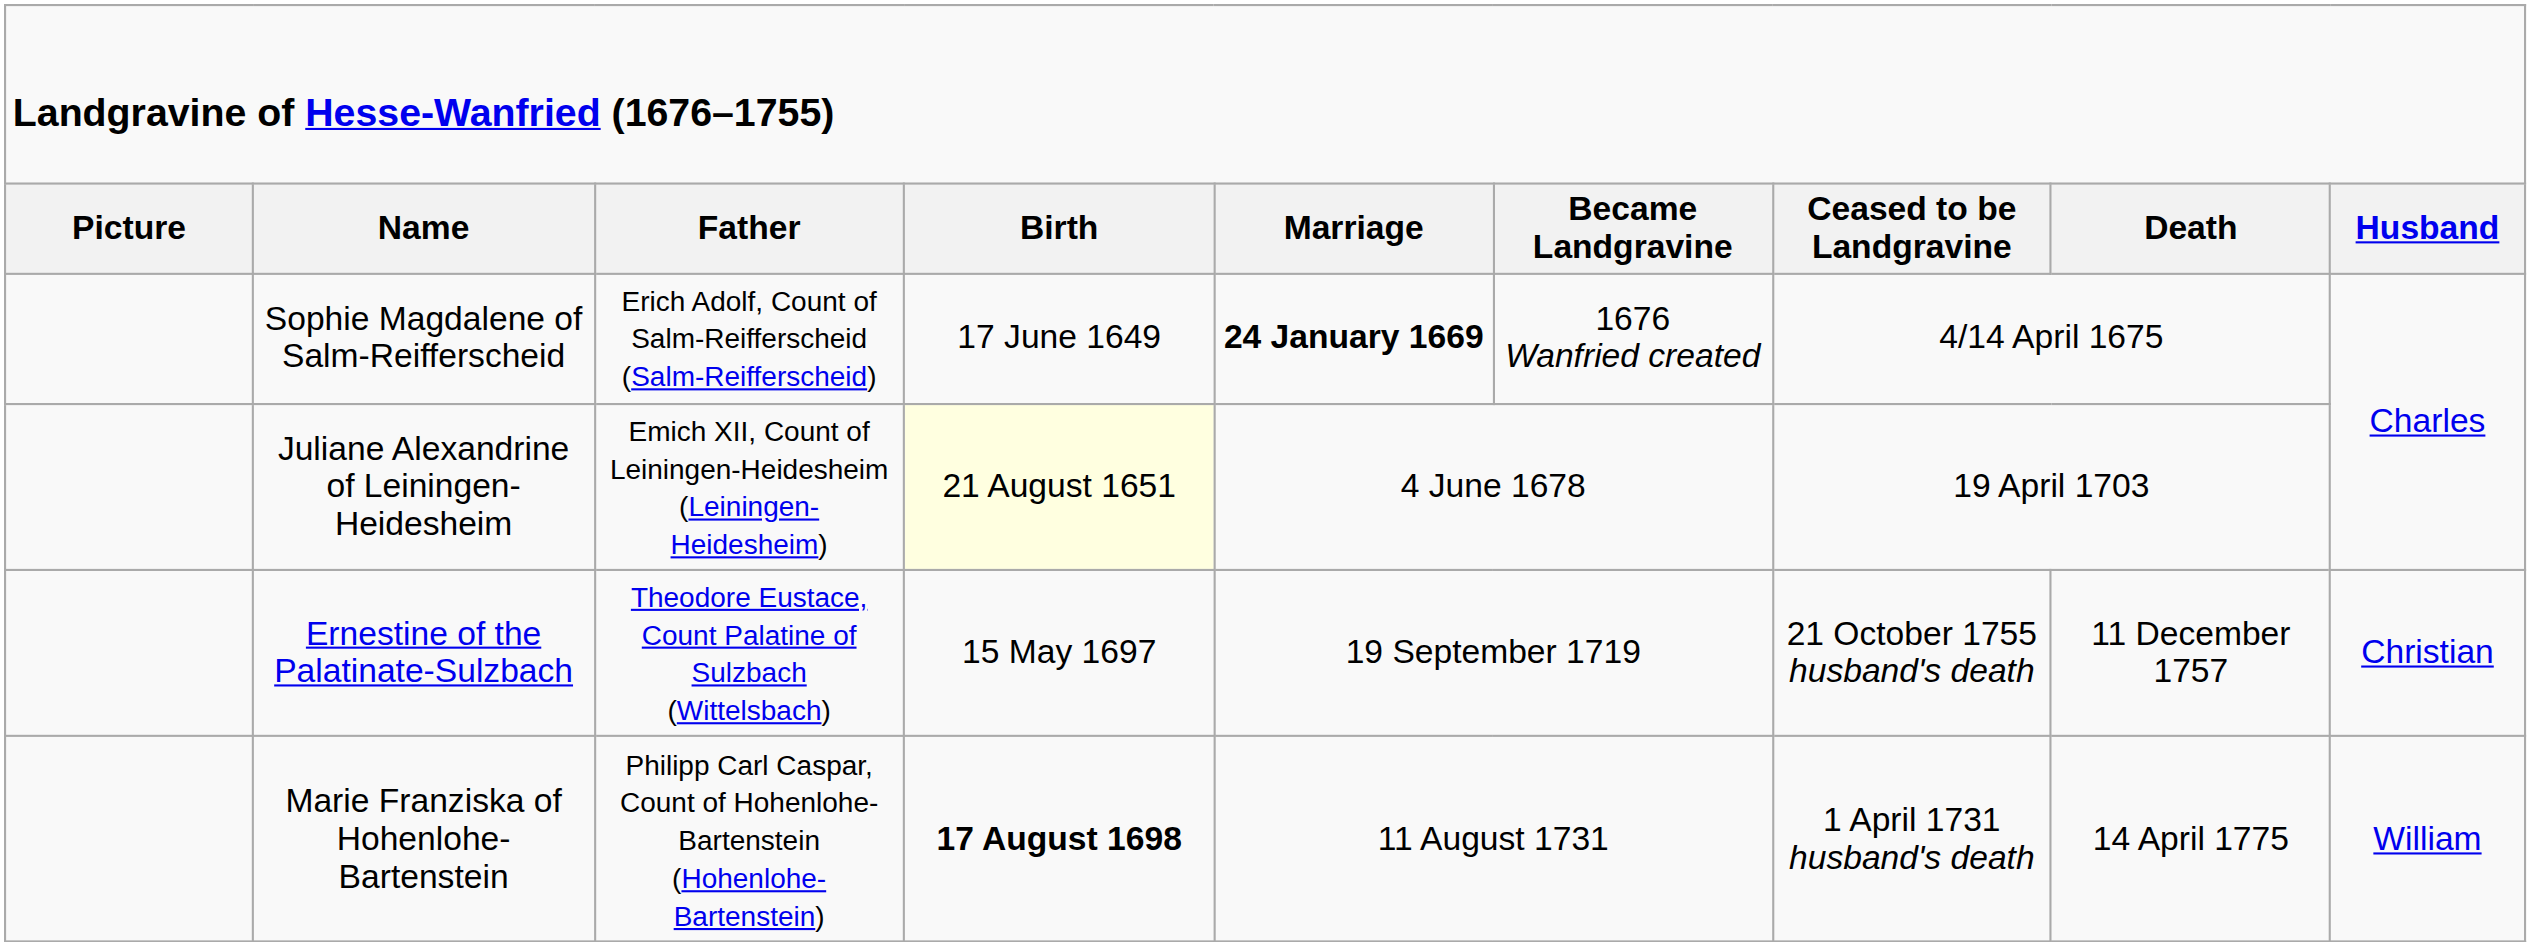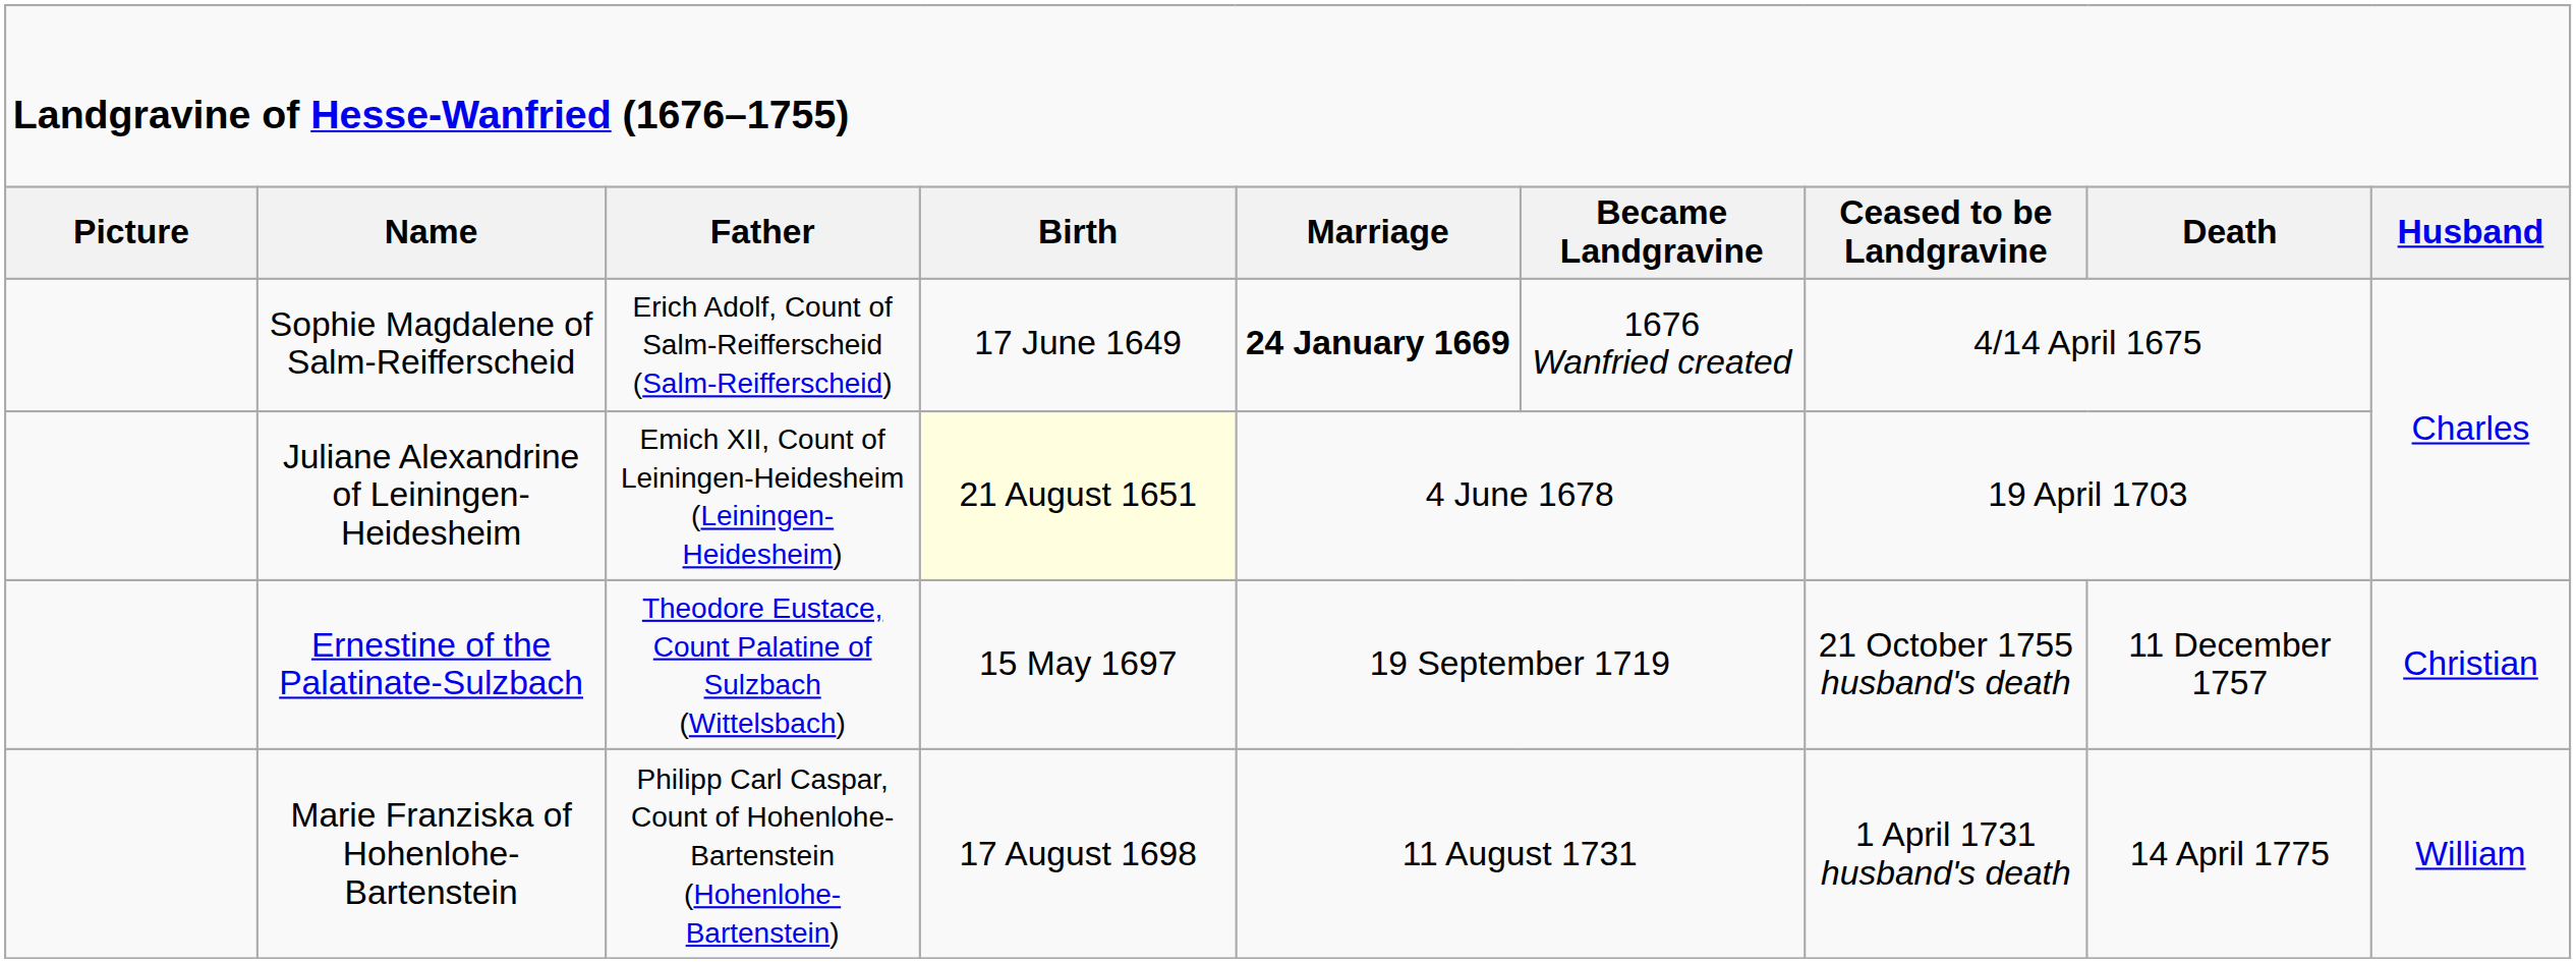 <table width=95% class="wikitable">
 <tr>
 <td colspan="9"><br><h3>Landgravine of <a href='#'>Hesse-Wanfried</a> (1676–1755)</h3></td>
 </tr>
 <tr>
 <th width = "8%">Picture</th>
 <th width = "11%">Name</th>
 <th width = "10%">Father</th>
 <th width = "10%">Birth</th>
 <th width = "9%">Marriage</th>
 <th width = "9%">Became Landgravine</th>
 <th width = "9%">Ceased to be Landgravine</th>
 <th width = "9%">Death</th>
 <th width = "6%"><a href='#'>Husband</a></th>
 </tr>
 <tr>
 <td align="center"></td>
 <td align="center">Sophie Magdalene of Salm-Reifferscheid</td>
 <td align="center"><small>Erich Adolf, Count of Salm-Reifferscheid<br>(<a href='#'>Salm-Reifferscheid</a>)</small></td>
 <td align="center">17 June 1649</td>
 <td align="center"><strong>24 January 1669</strong></td>
 <td align="center">1676<br><em>Wanfried created</em></td>
 <td align="center" colspan="2">4/14 April 1675</td>
 <td align="center" rowspan="2"><a href='#'>Charles</a></td>
 </tr>
 <tr>
 <td align="center"></td>
 <td align="center">Juliane Alexandrine of Leiningen-Heidesheim</td>
 <td align="center"><small>Emich XII, Count of Leiningen-Heidesheim<br>(<a href='#'>Leiningen-Heidesheim</a>)</small></td>
 <td align="center" style="background: lightyellow;">21 August 1651</td>
 <td align="center" colspan="2">4 June 1678</td>
 <td align="center" colspan="2">19 April 1703</td>
 </tr>
 <tr>
 <td align="center"></td>
 <td align="center"><a href='#'>Ernestine of the Palatinate-Sulzbach</a></td>
 <td align=center><small><a href='#'>Theodore Eustace, Count Palatine of Sulzbach</a><br>(<a href='#'>Wittelsbach</a>)</small></td>
 <td align="center">15 May 1697</td>
 <td align="center" colspan="2">19 September 1719</td>
 <td align="center">21 October 1755<br><em>husband's death</em></td>
 <td align="center">11 December 1757</td>
 <td align="center"><a href='#'>Christian</a></td>
 </tr>
 <tr>
 <td align="center"></td>
 <td align="center">Marie Franziska of Hohenlohe-Bartenstein</td>
 <td align="center"><small>Philipp Carl Caspar, Count of Hohenlohe-Bartenstein<br>(<a href='#'>Hohenlohe-Bartenstein</a>)</small></td>
-<td align="center"><strong>17 August 1698</strong></td>
+<td align="center">17 August 1698</td>
 <td align="center" colspan="2">11 August 1731</td>
 <td align="center">1 April 1731<br><em>husband's death</em></td>
 <td align="center">14 April 1775</td>
 <td align="center"><a href='#'>William</a></td>
 </tr>
 <tr>
 </tr>
 </table>
